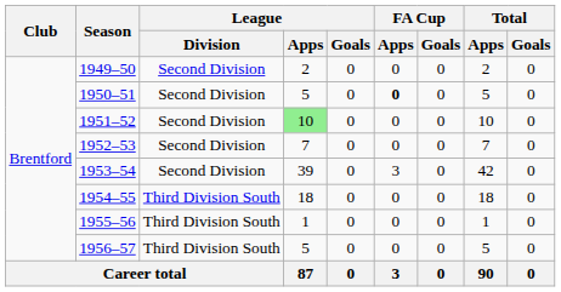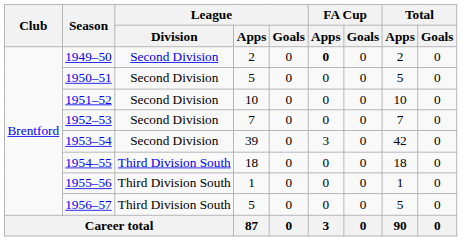 <table class="wikitable" style="text-align: center;">
 <tr>
 <th rowspan="2">Club</th>
 <th rowspan="2">Season</th>
 <th colspan="3">League</th>
 <th colspan="2">FA Cup</th>
 <th colspan="2">Total</th>
 </tr>
 <tr>
 <th>Division</th>
 <th>Apps</th>
 <th>Goals</th>
 <th>Apps</th>
 <th>Goals</th>
 <th>Apps</th>
 <th>Goals</th>
 </tr>
 <tr>
 <td rowspan="8"><a href='#'>Brentford</a></td>
 <td><a href='#'>1949–50</a></td>
 <td><a href='#'>Second Division</a></td>
 <td>2</td>
 <td>0</td>
-<td>0</td>
+<td><strong>0</strong></td>
 <td>0</td>
 <td>2</td>
 <td>0</td>
 </tr>
 <tr>
 <td><a href='#'>1950–51</a></td>
 <td>Second Division</td>
 <td>5</td>
 <td>0</td>
-<td><strong>0</strong></td>
+<td>0</td>
 <td>0</td>
 <td>5</td>
 <td>0</td>
 </tr>
 <tr>
 <td><a href='#'>1951–52</a></td>
 <td>Second Division</td>
-<td style="background: lightgreen;">10</td>
+<td>10</td>
 <td>0</td>
 <td>0</td>
 <td>0</td>
 <td>10</td>
 <td>0</td>
 </tr>
 <tr>
 <td><a href='#'>1952–53</a></td>
 <td>Second Division</td>
 <td>7</td>
 <td>0</td>
 <td>0</td>
 <td>0</td>
 <td>7</td>
 <td>0</td>
 </tr>
 <tr>
 <td><a href='#'>1953–54</a></td>
 <td>Second Division</td>
 <td>39</td>
 <td>0</td>
 <td>3</td>
 <td>0</td>
 <td>42</td>
 <td>0</td>
 </tr>
 <tr>
 <td><a href='#'>1954–55</a></td>
 <td><a href='#'>Third Division South</a></td>
 <td>18</td>
 <td>0</td>
 <td>0</td>
 <td>0</td>
 <td>18</td>
 <td>0</td>
 </tr>
 <tr>
 <td><a href='#'>1955–56</a></td>
 <td>Third Division South</td>
 <td>1</td>
 <td>0</td>
 <td>0</td>
 <td>0</td>
 <td>1</td>
 <td>0</td>
 </tr>
 <tr>
 <td><a href='#'>1956–57</a></td>
 <td>Third Division South</td>
 <td>5</td>
 <td>0</td>
 <td>0</td>
 <td>0</td>
 <td>5</td>
 <td>0</td>
 </tr>
 <tr>
 <th colspan="3">Career total</th>
 <th>87</th>
 <th>0</th>
 <th>3</th>
 <th>0</th>
 <th>90</th>
 <th>0</th>
 </tr>
 </table>
